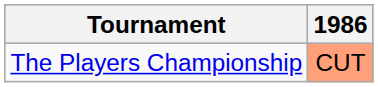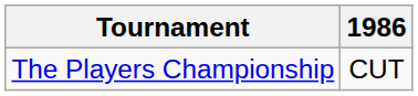 <table class="wikitable" style="font-size:95%;text-align:center;">
 <tr>
 <th>Tournament</th>
 <th>1986</th>
 </tr>
 <tr>
 <td align="left"><a href='#'>The Players Championship</a></td>
-<td style="background: lightsalmon;">CUT</td>
+<td>CUT</td>
 </tr>
 </table>
